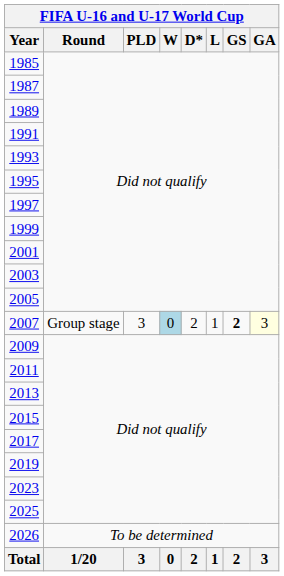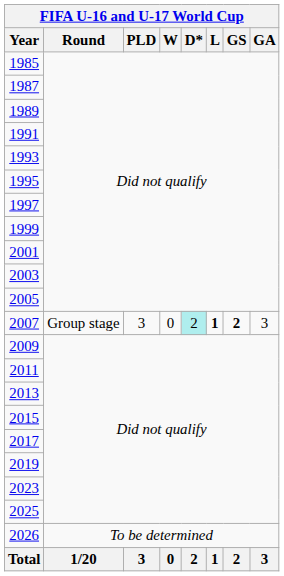 <table class="wikitable" style="text-align: center;">
 <tr>
 <th colspan=8><a href='#'>FIFA U-16 and U-17 World Cup</a></th>
 </tr>
 <tr>
 <th>Year</th>
 <th>Round</th>
 <th>PLD</th>
 <th>W</th>
 <th>D*</th>
 <th>L</th>
 <th>GS</th>
 <th>GA</th>
 </tr>
 <tr>
 <td> <a href='#'>1985</a></td>
 <td colspan=7 rowspan=11><em>Did not qualify</em></td>
 </tr>
 <tr>
 <td> <a href='#'>1987</a></td>
 </tr>
 <tr>
 <td> <a href='#'>1989</a></td>
 </tr>
 <tr>
 <td> <a href='#'>1991</a></td>
 </tr>
 <tr>
 <td> <a href='#'>1993</a></td>
 </tr>
 <tr>
 <td> <a href='#'>1995</a></td>
 </tr>
 <tr>
 <td> <a href='#'>1997</a></td>
 </tr>
 <tr>
 <td> <a href='#'>1999</a></td>
 </tr>
 <tr>
 <td> <a href='#'>2001</a></td>
 </tr>
 <tr>
 <td> <a href='#'>2003</a></td>
 </tr>
 <tr>
 <td> <a href='#'>2005</a></td>
 </tr>
 <tr>
 <td> <a href='#'>2007</a></td>
 <td>Group stage</td>
 <td>3</td>
-<td style="background: lightblue;">0</td>
-<td>2</td>
-<td>1</td>
+<td>0</td>
+<td style="background: paleturquoise;">2</td>
+<td><strong>1</strong></td>
 <td><strong>2</strong></td>
-<td style="background: lightyellow;">3</td>
+<td>3</td>
 </tr>
 <tr>
 <td> <a href='#'>2009</a></td>
 <td colspan=7 rowspan=8><em>Did not qualify</em></td>
 </tr>
 <tr>
 <td> <a href='#'>2011</a></td>
 </tr>
 <tr>
 <td> <a href='#'>2013</a></td>
 </tr>
 <tr>
 <td> <a href='#'>2015</a></td>
 </tr>
 <tr>
 <td> <a href='#'>2017</a></td>
 </tr>
 <tr>
 <td> <a href='#'>2019</a></td>
 </tr>
 <tr>
 <td> <a href='#'>2023</a></td>
 </tr>
 <tr>
 <td> <a href='#'>2025</a></td>
 </tr>
 <tr>
 <td> <a href='#'>2026</a></td>
 <td colspan=7><em>To be determined</em></td>
 </tr>
 <tr>
 <th>Total</th>
 <th>1/20</th>
 <th>3</th>
 <th>0</th>
 <th>2</th>
 <th>1</th>
 <th>2</th>
 <th>3</th>
 </tr>
 </table>
